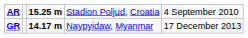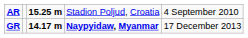 <table class="wikitable" style="font-size:95%; position:relative;">
 <tr>
 <td align=center><strong><a href='#'>AR</a></strong></td>
 <td></td>
 <td><strong>15.25 m</strong></td>
 <td><a href='#'>Stadion Poljud</a>, <a href='#'>Croatia</a></td>
 <td>4 September 2010</td>
 </tr>
 <tr>
 <td align=center><strong><a href='#'>GR</a></strong></td>
 <td></td>
 <td><strong>14.17 m</strong></td>
-<td><a href='#'>Naypyidaw</a>, <a href='#'>Myanmar</a></td>
+<td><strong><a href='#'>Naypyidaw</a>, <a href='#'>Myanmar</a></strong></td>
 <td>17 December 2013</td>
 </tr>
 </table>
